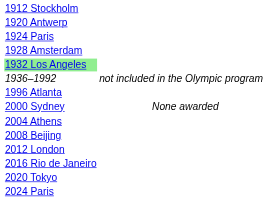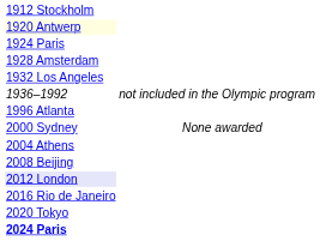 <table>
 <tr>
 <td><a href='#'>1912 Stockholm</a><br></td>
 <td></td>
 <td></td>
 <td></td>
 </tr>
 <tr>
-<td><a href='#'>1920 Antwerp</a><br></td>
+<td style="background: lightyellow;"><a href='#'>1920 Antwerp</a><br></td>
 <td></td>
 <td></td>
 <td></td>
 </tr>
 <tr>
 <td><a href='#'>1924 Paris</a><br></td>
 <td></td>
 <td></td>
 <td></td>
 </tr>
 <tr>
 <td><a href='#'>1928 Amsterdam</a><br></td>
 <td></td>
 <td></td>
 <td></td>
 </tr>
 <tr>
-<td style="background: lightgreen;"><a href='#'>1932 Los Angeles</a><br></td>
+<td><a href='#'>1932 Los Angeles</a><br></td>
 <td></td>
 <td></td>
 <td></td>
 </tr>
 <tr>
 <td><em>1936–1992</em></td>
 <td colspan=3 align=center><em>not included in the Olympic program</em></td>
 </tr>
 <tr>
 <td><a href='#'>1996 Atlanta</a><br></td>
 <td></td>
 <td></td>
 <td></td>
 </tr>
 <tr>
 <td><a href='#'>2000 Sydney</a><br></td>
 <td></td>
 <td></td>
 <td align="center"><em>None awarded</em></td>
 </tr>
 <tr>
 <td><a href='#'>2004 Athens</a><br></td>
 <td></td>
 <td></td>
 <td></td>
 </tr>
 <tr>
 <td><a href='#'>2008 Beijing</a><br></td>
 <td></td>
 <td></td>
 <td></td>
 </tr>
 <tr>
-<td><a href='#'>2012 London</a><br></td>
+<td style="background: lavender;"><a href='#'>2012 London</a><br></td>
 <td></td>
 <td></td>
 <td></td>
 </tr>
 <tr>
 <td><a href='#'>2016 Rio de Janeiro</a><br></td>
 <td></td>
 <td></td>
 <td></td>
 </tr>
 <tr>
 <td><a href='#'>2020 Tokyo</a><br></td>
 <td></td>
 <td></td>
 <td></td>
 </tr>
 <tr>
-<td><a href='#'>2024 Paris</a><br></td>
+<td><strong><a href='#'>2024 Paris</a><br></strong></td>
 <td></td>
 <td></td>
 <td></td>
 </tr>
 </table>
